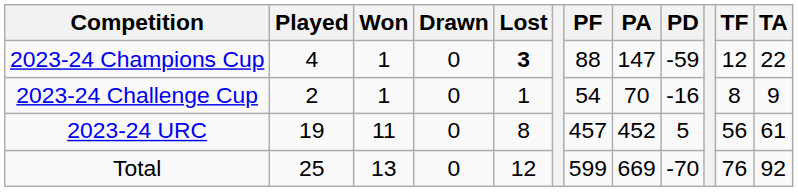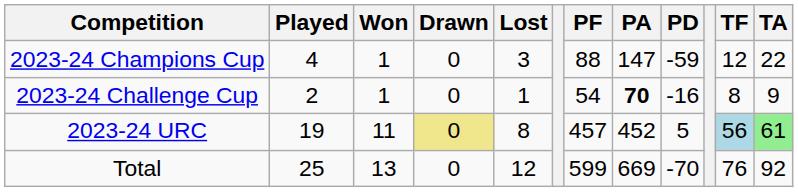 <table class="wikitable">
 <tr>
 <th>Competition</th>
 <th>Played</th>
 <th>Won</th>
 <th>Drawn</th>
 <th>Lost</th>
 <th rowspan="5"></th>
 <th>PF</th>
 <th>PA</th>
 <th>PD</th>
 <th rowspan="5"></th>
 <th>TF</th>
 <th>TA</th>
 </tr>
 <tr align=center>
 <td><a href='#'>2023-24 Champions Cup</a></td>
 <td>4</td>
 <td>1</td>
 <td>0</td>
-<td><strong>3</strong></td>
+<td>3</td>
 <td>88</td>
 <td>147</td>
 <td>-59</td>
 <td>12</td>
 <td>22</td>
 </tr>
 <tr align=center>
 <td><a href='#'>2023-24 Challenge Cup</a></td>
 <td>2</td>
 <td>1</td>
 <td>0</td>
 <td>1</td>
 <td>54</td>
-<td>70</td>
+<td><strong>70</strong></td>
 <td>-16</td>
 <td>8</td>
 <td>9</td>
 </tr>
 <tr align=center>
 <td><a href='#'>2023-24 URC</a></td>
 <td>19</td>
 <td>11</td>
-<td>0</td>
+<td style="background: khaki;">0</td>
 <td>8</td>
 <td>457</td>
 <td>452</td>
 <td>5</td>
-<td>56</td>
-<td>61</td>
+<td style="background: lightblue;">56</td>
+<td style="background: lightgreen;">61</td>
 </tr>
 <tr align=center>
 <td>Total</td>
 <td>25</td>
 <td>13</td>
 <td>0</td>
 <td>12</td>
 <td>599</td>
 <td>669</td>
 <td>-70</td>
 <td>76</td>
 <td>92</td>
 </tr>
 </table>
